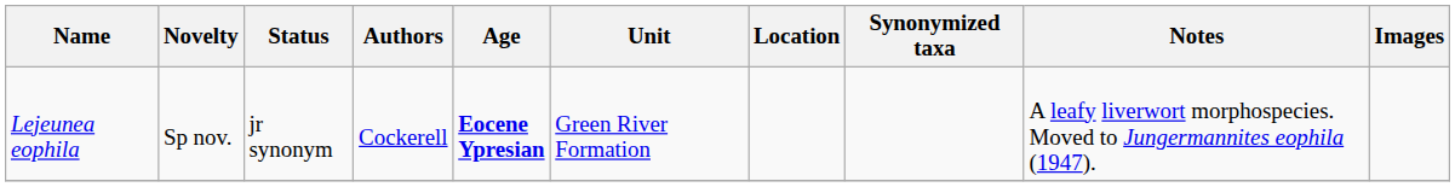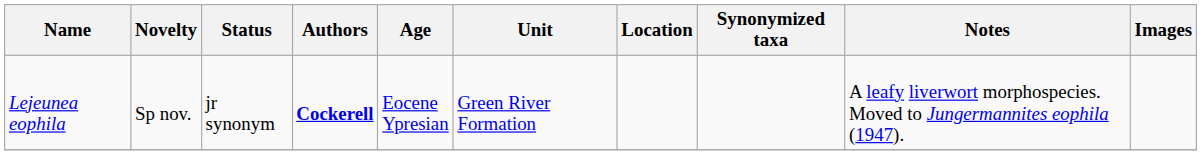 <table class="wikitable sortable" align="center" width="80%">
 <tr>
 <th>Name</th>
 <th>Novelty</th>
 <th>Status</th>
 <th>Authors</th>
 <th>Age</th>
 <th>Unit</th>
 <th>Location</th>
 <th>Synonymized taxa</th>
 <th>Notes</th>
 <th>Images</th>
 </tr>
 <tr>
 <td><br><em><a href='#'>Lejeunea eophila</a></em></td>
 <td><br>Sp nov.</td>
 <td><br>jr synonym</td>
-<td><br><a href='#'>Cockerell</a></td>
-<td><strong><br><a href='#'>Eocene</a><br><a href='#'>Ypresian</a></strong></td>
+<td><strong><br><a href='#'>Cockerell</a></strong></td>
+<td><br><a href='#'>Eocene</a><br><a href='#'>Ypresian</a></td>
 <td><br><a href='#'>Green River Formation</a></td>
 <td><br><br></td>
 <td></td>
 <td><br>A <a href='#'>leafy</a> <a href='#'>liverwort</a> morphospecies.<br>Moved to <em><a href='#'>Jungermannites eophila</a></em> (<a href='#'>1947</a>).</td>
 <td><br></td>
 </tr>
 <tr>
 </tr>
 </table>
